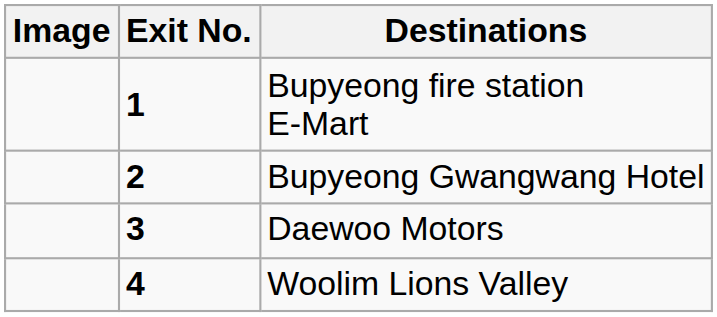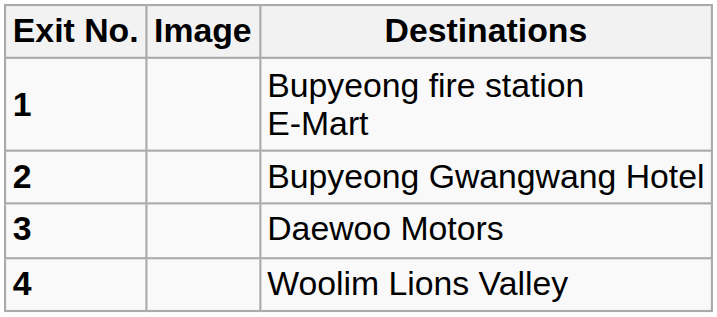 <table class="wikitable">
 <tr>
+<th>Exit No.</th>
 <th>Image</th>
-<th>Exit No.</th>
 <th>Destinations</th>
 </tr>
 <tr>
+<td><strong>1</strong></td>
 <td></td>
-<td><strong>1</strong></td>
 <td>Bupyeong fire station<br>E-Mart</td>
 </tr>
 <tr>
+<td><strong>2</strong></td>
 <td></td>
-<td><strong>2</strong></td>
 <td>Bupyeong Gwangwang Hotel</td>
 </tr>
 <tr>
+<td><strong>3</strong></td>
 <td></td>
-<td><strong>3</strong></td>
 <td>Daewoo Motors</td>
 </tr>
 <tr>
+<td><strong>4</strong></td>
 <td></td>
-<td><strong>4</strong></td>
 <td>Woolim Lions Valley</td>
 </tr>
 </table>
